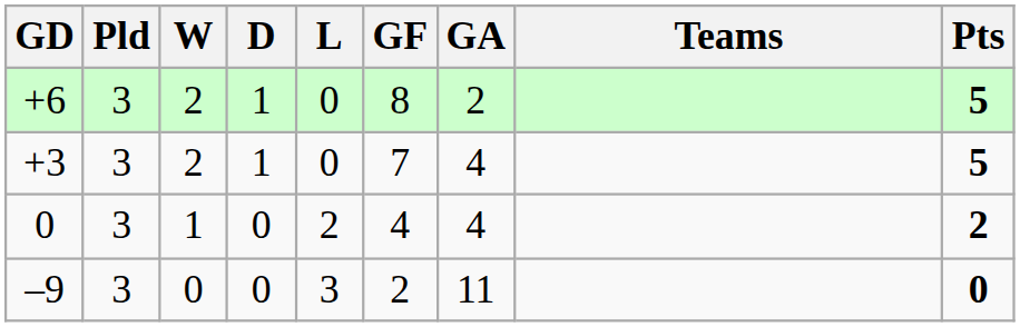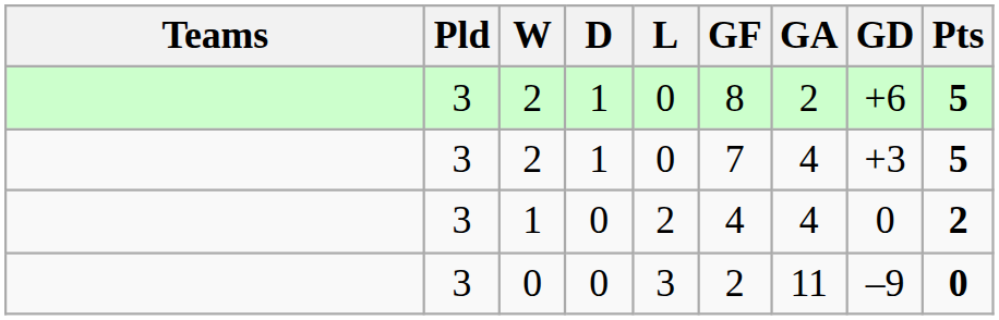 <table class="wikitable" style="text-align: center;">
 <tr>
-<th width=20>GD</th>
+<th width=165>Teams</th>
 <th width=20>Pld</th>
 <th width=20>W</th>
 <th width=20>D</th>
 <th width=20>L</th>
 <th width=20>GF</th>
 <th width=20>GA</th>
-<th width=165>Teams</th>
+<th width=20>GD</th>
 <th width=20>Pts</th>
 </tr>
 <tr align=center style="background:#ccffcc;">
-<td>+6</td>
+<td style="text-align:left;"></td>
 <td>3</td>
 <td>2</td>
 <td>1</td>
 <td>0</td>
 <td>8</td>
 <td>2</td>
-<td style="text-align:left;"></td>
+<td>+6</td>
 <td><strong>5</strong></td>
 </tr>
 <tr align=center>
-<td>+3</td>
+<td style="text-align:left;"></td>
 <td>3</td>
 <td>2</td>
 <td>1</td>
 <td>0</td>
 <td>7</td>
 <td>4</td>
-<td style="text-align:left;"></td>
+<td>+3</td>
 <td><strong>5</strong></td>
 </tr>
 <tr align=center>
-<td>0</td>
+<td style="text-align:left;"></td>
 <td>3</td>
 <td>1</td>
 <td>0</td>
 <td>2</td>
 <td>4</td>
 <td>4</td>
-<td style="text-align:left;"></td>
+<td>0</td>
 <td><strong>2</strong></td>
 </tr>
 <tr align=center>
-<td>–9</td>
+<td style="text-align:left;"></td>
 <td>3</td>
 <td>0</td>
 <td>0</td>
 <td>3</td>
 <td>2</td>
 <td>11</td>
-<td style="text-align:left;"></td>
+<td>–9</td>
 <td><strong>0</strong></td>
 </tr>
 </table>
